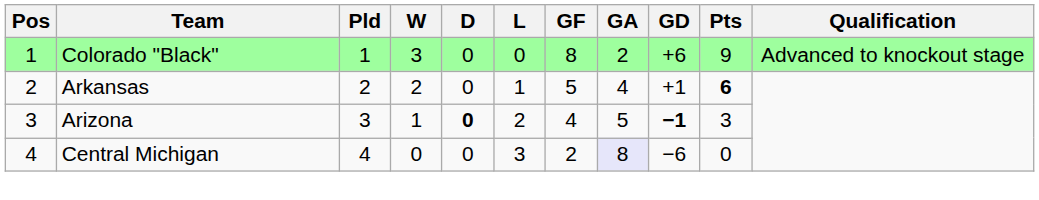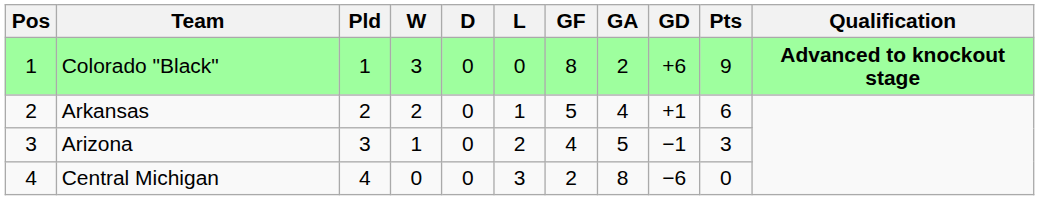 <table class="wikitable" style="text-align:center; margin: 1em auto">
 <tr>
 <th style="width:2em">Pos</th>
 <th style="width:13em">Team</th>
 <th style="width:2em">Pld</th>
 <th style="width:2em">W</th>
 <th style="width:2em">D</th>
 <th style="width:2em">L</th>
 <th style="width:2em">GF</th>
 <th style="width:2em">GA</th>
 <th style="width:2em">GD</th>
 <th style="width:2em">Pts</th>
 <th style="width:13em">Qualification</th>
 </tr>
 <tr bgcolor="#9eff9e">
 <td>1</td>
 <td style="text-align:left">Colorado "Black"</td>
 <td>1</td>
 <td>3</td>
 <td>0</td>
 <td>0</td>
 <td>8</td>
 <td>2</td>
 <td>+6</td>
 <td>9</td>
-<td>Advanced to knockout stage</td>
+<td><strong>Advanced to knockout stage</strong></td>
 </tr>
 <tr>
 <td>2</td>
 <td style="text-align:left">Arkansas</td>
 <td>2</td>
 <td>2</td>
 <td>0</td>
 <td>1</td>
 <td>5</td>
 <td>4</td>
 <td>+1</td>
-<td><strong>6</strong></td>
+<td>6</td>
 <td rowspan="3"></td>
 </tr>
 <tr>
 <td>3</td>
 <td style="text-align:left">Arizona</td>
 <td>3</td>
 <td>1</td>
-<td><strong>0</strong></td>
+<td>0</td>
 <td>2</td>
 <td>4</td>
 <td>5</td>
-<td><strong>−1</strong></td>
+<td>−1</td>
 <td>3</td>
 </tr>
 <tr>
 <td>4</td>
 <td style="text-align:left">Central Michigan</td>
 <td>4</td>
 <td>0</td>
 <td>0</td>
 <td>3</td>
 <td>2</td>
-<td style="background: lavender;">8</td>
+<td>8</td>
 <td>−6</td>
 <td>0</td>
 </tr>
 </table>
